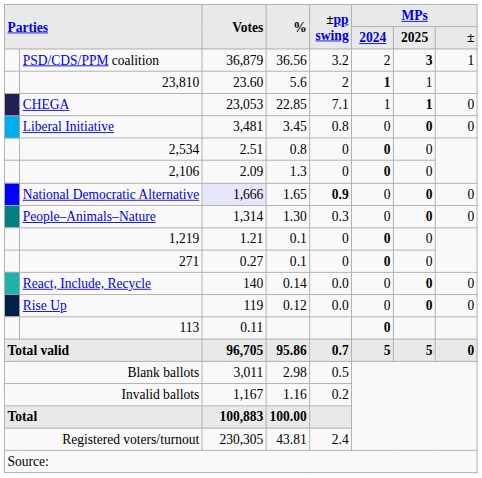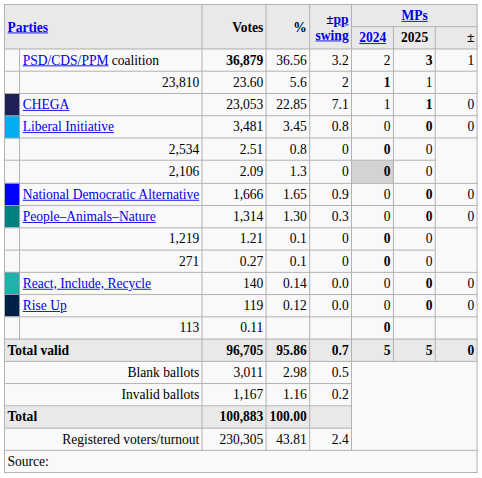 <table class="wikitable" style="text-align:right; font-size:95%;">
 <tr>
 <th rowspan="2" colspan="2" style="background:#e9e9e9; text-align:left;" alignleft><a href='#'>Parties</a></th>
 <th rowspan="2" style="background:#e9e9e9; text-align:right;">Votes</th>
 <th rowspan="2" style="background:#e9e9e9; text-align:right;">%</th>
 <th rowspan="2" style="background:#e9e9e9; text-align:right;">±<a href='#'>pp</a> <a href='#'>swing</a></th>
 <th colspan="3" style="background:#e9e9e9; text-align:center;"><a href='#'>MPs</a></th>
 </tr>
 <tr style="background-color:#E9E9E9">
 <th style="background-color:#E9E9E9;text-align:center;"><a href='#'>2024</a></th>
 <th style="background-color:#E9E9E9;text-align:center;">2025</th>
 <th style="background:#e9e9e9; text-align:right;">±</th>
 </tr>
 <tr>
 <td style="width: 10px" bgcolor=></td>
 <td align="left"><a href='#'>PSD/CDS/PPM</a> coalition </td>
-<td>36,879</td>
+<td><strong>36,879</strong></td>
 <td>36.56</td>
 <td>3.2</td>
 <td>2</td>
 <td><strong>3</strong></td>
 <td>1</td>
 </tr>
 <tr>
 <td></td>
 <td>23,810</td>
 <td>23.60</td>
 <td>5.6</td>
 <td>2</td>
 <td><strong>1</strong></td>
 <td>1</td>
 </tr>
 <tr>
 <td style="width: 10px" bgcolor="#202056" align="center"></td>
 <td align="left"><a href='#'>CHEGA</a></td>
 <td>23,053</td>
 <td>22.85</td>
 <td>7.1</td>
 <td>1</td>
 <td><strong>1</strong></td>
 <td>0</td>
 </tr>
 <tr>
 <td style="width: 10px" bgcolor="#00ADEF" align="center"></td>
 <td align="left"><a href='#'>Liberal Initiative</a></td>
 <td>3,481</td>
 <td>3.45</td>
 <td>0.8</td>
 <td>0</td>
 <td><strong>0</strong></td>
 <td>0</td>
 </tr>
 <tr>
 <td></td>
 <td>2,534</td>
 <td>2.51</td>
 <td>0.8</td>
 <td>0</td>
 <td><strong>0</strong></td>
 <td>0</td>
 </tr>
 <tr>
 <td></td>
 <td>2,106</td>
 <td>2.09</td>
 <td>1.3</td>
 <td>0</td>
-<td><strong>0</strong></td>
+<td style="background: lightgrey;"><strong>0</strong></td>
 <td>0</td>
 </tr>
 <tr>
 <td style="width: 10px" bgcolor="blue" align="center"></td>
 <td align="left"><a href='#'>National Democratic Alternative</a></td>
-<td style="background: lavender;">1,666</td>
+<td>1,666</td>
 <td>1.65</td>
-<td><strong>0.9</strong></td>
+<td>0.9</td>
 <td>0</td>
 <td><strong>0</strong></td>
 <td>0</td>
 </tr>
 <tr>
 <td style="width: 10px" bgcolor="teal" align="center"></td>
 <td align="left"><a href='#'>People–Animals–Nature</a></td>
 <td>1,314</td>
 <td>1.30</td>
 <td>0.3</td>
 <td>0</td>
 <td><strong>0</strong></td>
 <td>0</td>
 </tr>
 <tr>
 <td></td>
 <td>1,219</td>
 <td>1.21</td>
 <td>0.1</td>
 <td>0</td>
 <td><strong>0</strong></td>
 <td>0</td>
 </tr>
 <tr>
 <td></td>
 <td>271</td>
 <td>0.27</td>
 <td>0.1</td>
 <td>0</td>
 <td><strong>0</strong></td>
 <td>0</td>
 </tr>
 <tr>
 <td style="width: 10px" bgcolor="LightSeaGreen" align="center"></td>
 <td align="left"><a href='#'>React, Include, Recycle</a></td>
 <td>140</td>
 <td>0.14</td>
 <td>0.0</td>
 <td>0</td>
 <td><strong>0</strong></td>
 <td>0</td>
 </tr>
 <tr>
 <td style="width: 10px" bgcolor="#002147" align="center"></td>
 <td align="left"><a href='#'>Rise Up</a></td>
 <td>119</td>
 <td>0.12</td>
 <td>0.0</td>
 <td>0</td>
 <td><strong>0</strong></td>
 <td>0</td>
 </tr>
 <tr>
 <td></td>
 <td>113</td>
 <td>0.11</td>
 <td></td>
 <td></td>
 <td><strong>0</strong></td>
 <td></td>
 </tr>
 <tr>
 <td colspan=2 align=left style="background-color:#E9E9E9"><strong>Total valid</strong></td>
 <td width="65" align="right" style="background-color:#E9E9E9"><strong>96,705</strong></td>
 <td width="40" align="right" style="background-color:#E9E9E9"><strong>95.86</strong></td>
 <td width="40" align="right" style="background-color:#E9E9E9"><strong>0.7</strong></td>
 <td width="40" align="right" style="background-color:#E9E9E9"><strong>5</strong></td>
 <td width="40" align="right" style="background-color:#E9E9E9"><strong>5</strong></td>
 <td width="40" align="right" style="background-color:#E9E9E9"><strong>0</strong></td>
 </tr>
 <tr>
 <td colspan=2>Blank ballots</td>
 <td>3,011</td>
 <td>2.98</td>
 <td>0.5</td>
 <td colspan=3 rowspan=4></td>
 </tr>
 <tr>
 <td colspan=2>Invalid ballots</td>
 <td>1,167</td>
 <td>1.16</td>
 <td>0.2</td>
 </tr>
 <tr>
 <td colspan=2 align=left style="background-color:#E9E9E9"><strong>Total</strong></td>
 <td width="50" align="right" style="background-color:#E9E9E9"><strong>100,883</strong></td>
 <td width="40" align="right" style="background-color:#E9E9E9"><strong>100.00</strong></td>
 <td width="40" align="right" style="background-color:#E9E9E9"></td>
 </tr>
 <tr>
 <td colspan=2>Registered voters/turnout</td>
 <td>230,305</td>
 <td>43.81</td>
 <td>2.4</td>
 </tr>
 <tr>
 <td colspan=8 align=left>Source: </td>
 </tr>
 </table>
